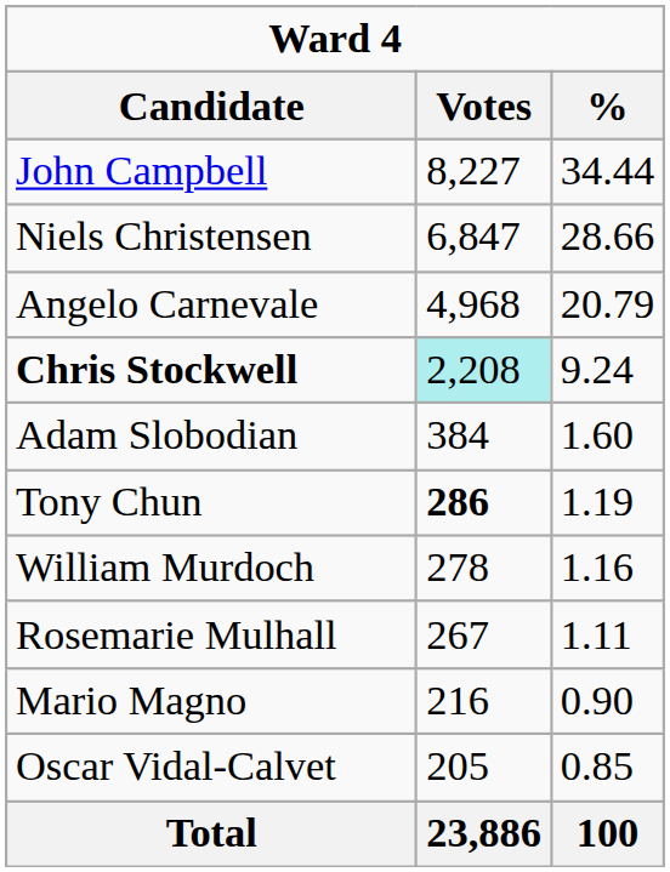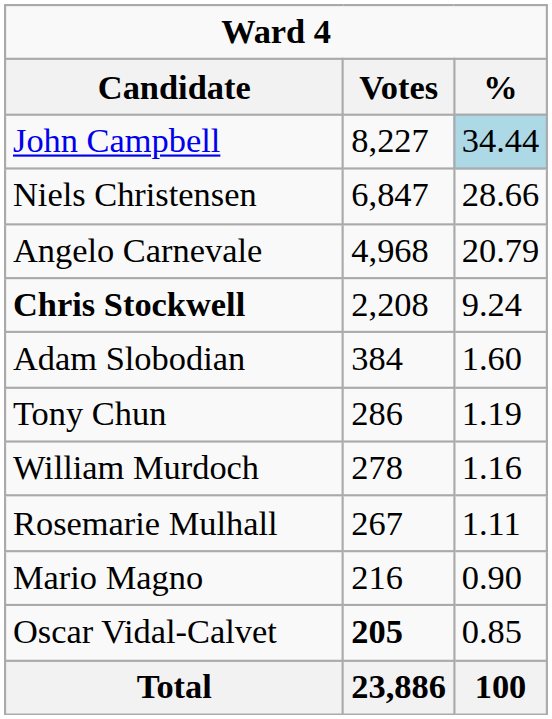 <table class="wikitable">
 <tr>
 <td Colspan="3" align="center"><strong>Ward 4</strong></td>
 </tr>
 <tr>
 <th width="150px">Candidate</th>
 <th>Votes</th>
 <th>%</th>
 </tr>
 <tr>
 <td><a href='#'>John Campbell</a></td>
 <td>8,227</td>
-<td>34.44</td>
+<td style="background: lightblue;">34.44</td>
 </tr>
 <tr>
 <td>Niels Christensen</td>
 <td>6,847</td>
 <td>28.66</td>
 </tr>
 <tr>
 <td>Angelo Carnevale</td>
 <td>4,968</td>
 <td>20.79</td>
 </tr>
 <tr>
 <td><strong>Chris Stockwell</strong></td>
-<td style="background: paleturquoise;">2,208</td>
+<td>2,208</td>
 <td>9.24</td>
 </tr>
 <tr>
 <td>Adam Slobodian</td>
 <td>384</td>
 <td>1.60</td>
 </tr>
 <tr>
 <td>Tony Chun</td>
-<td><strong>286</strong></td>
+<td>286</td>
 <td>1.19</td>
 </tr>
 <tr>
 <td>William Murdoch</td>
 <td>278</td>
 <td>1.16</td>
 </tr>
 <tr>
 <td>Rosemarie Mulhall</td>
 <td>267</td>
 <td>1.11</td>
 </tr>
 <tr>
 <td>Mario Magno</td>
 <td>216</td>
 <td>0.90</td>
 </tr>
 <tr>
 <td>Oscar Vidal-Calvet</td>
-<td>205</td>
+<td><strong>205</strong></td>
 <td>0.85</td>
 </tr>
 <tr>
 <th>Total</th>
 <th align=right>23,886</th>
 <th align=right>100</th>
 </tr>
 </table>
